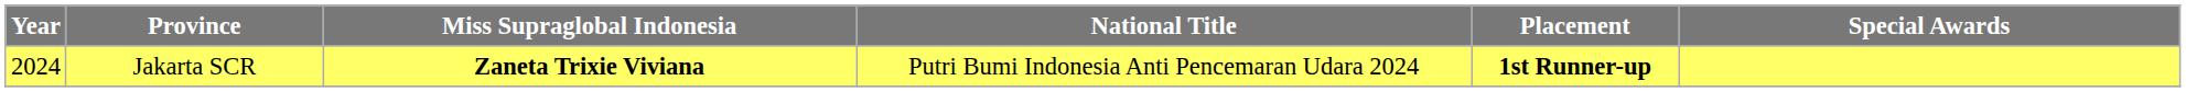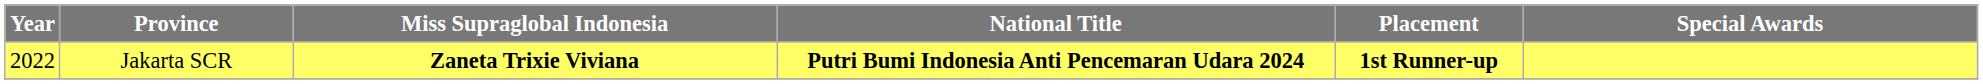 <table class="wikitable sortable" style="font-size: 95%; text-align:center">
 <tr>
 <th width="30" style="background-color:#787878;color:#FFFFFF;">Year</th>
 <th width="150" style="background-color:#787878;color:#FFFFFF;">Province</th>
 <th width="320" style="background-color:#787878;color:#FFFFFF;">Miss Supraglobal Indonesia</th>
 <th width="370" style="background-color:#787878;color:#FFFFFF;">National Title</th>
 <th width="120" style="background-color:#787878;color:#FFFFFF;">Placement</th>
 <th width="300" style="background-color:#787878;color:#FFFFFF;">Special Awards</th>
 </tr>
 <tr style="background-color:#FFFF66">
-<td>2024</td>
+<td>2022</td>
 <td>Jakarta SCR</td>
 <td><strong>Zaneta Trixie Viviana</strong></td>
-<td>Putri Bumi Indonesia Anti Pencemaran Udara 2024</td>
+<td><strong>Putri Bumi Indonesia Anti Pencemaran Udara 2024</strong></td>
 <td><strong>1st Runner-up</strong></td>
 <td align="left"></td>
 </tr>
 <tr>
 </tr>
 </table>
